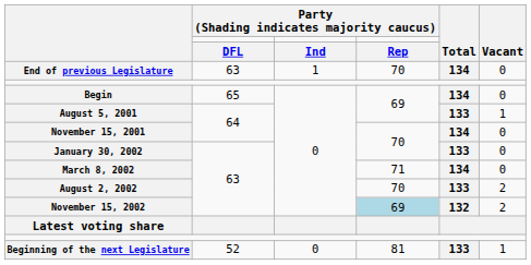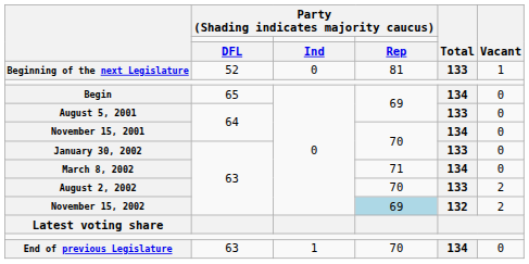 <table class=wikitable style="text-align:center">
 <tr style="vertical-align:bottom;">
 <th rowspan=3></th>
 <th colspan=3>Party <div>(Shading indicates majority caucus)</div></th>
 <th rowspan=3>Total</th>
 <th rowspan=3>Vacant</th>
 </tr>
 <tr style="height:5px">
 <td style="background-color:"></td>
 <td style="background-color:"></td>
 <td style="background-color:"></td>
 </tr>
 <tr>
 <th><a href='#'>DFL</a></th>
 <th><a href='#'>Ind</a></th>
 <th><a href='#'>Rep</a></th>
 </tr>
 <tr>
-<th style="white-space:nowrap; font-size:80%;">End of <a href='#'>previous Legislature</a></th>
-<td>63</td>
+<th style="white-space:nowrap; font-size:80%;">Beginning of the <a href='#'>next Legislature</a></th>
+<td>52</td>
+<td>0</td>
+<td>81</td>
+<th>133</th>
 <td>1</td>
-<td>70</td>
-<th>134</th>
-<td>0</td>
 </tr>
 <tr>
 <td colspan=6></td>
 </tr>
 <tr>
 <th style="font-size:80%">Begin</th>
 <td>65</td>
 <td rowspan="7">0</td>
 <td rowspan="2" >69</td>
 <th>134</th>
 <td>0</td>
 </tr>
 <tr>
 <th style="font-size:80%">August 5, 2001 </th>
 <td rowspan="2">64</td>
 <th>133</th>
-<td>1</td>
+<td>0</td>
 </tr>
 <tr>
 <th style="font-size:80%">November 15, 2001 </th>
 <td rowspan="2" >70</td>
 <th>134</th>
 <td>0</td>
 </tr>
 <tr>
 <th style="font-size:80%">January 30, 2002 </th>
 <td rowspan="4">63</td>
 <th>133</th>
 <td>0</td>
 </tr>
 <tr>
 <th style="font-size:80%">March 8, 2002 </th>
 <td>71</td>
 <th>134</th>
 <td>0</td>
 </tr>
 <tr>
 <th style="font-size:80%">August 2, 2002 </th>
 <td>70</td>
 <th>133</th>
 <td>2</td>
 </tr>
 <tr>
 <th style="font-size:80%">November 15, 2002 </th>
 <td style="background: lightblue;">69</td>
 <th>132</th>
 <td>2</td>
 </tr>
 <tr>
 <th>Latest voting share</th>
 <th></th>
 <th></th>
 <th></th>
 <th colspan=2></th>
 </tr>
 <tr>
 <td colspan=6></td>
 </tr>
 <tr>
-<th style="white-space:nowrap; font-size:80%;">Beginning of the <a href='#'>next Legislature</a></th>
-<td>52</td>
+<th style="white-space:nowrap; font-size:80%;">End of <a href='#'>previous Legislature</a></th>
+<td>63</td>
+<td>1</td>
+<td>70</td>
+<th>134</th>
 <td>0</td>
-<td>81</td>
-<th>133</th>
-<td>1</td>
 </tr>
 </table>
